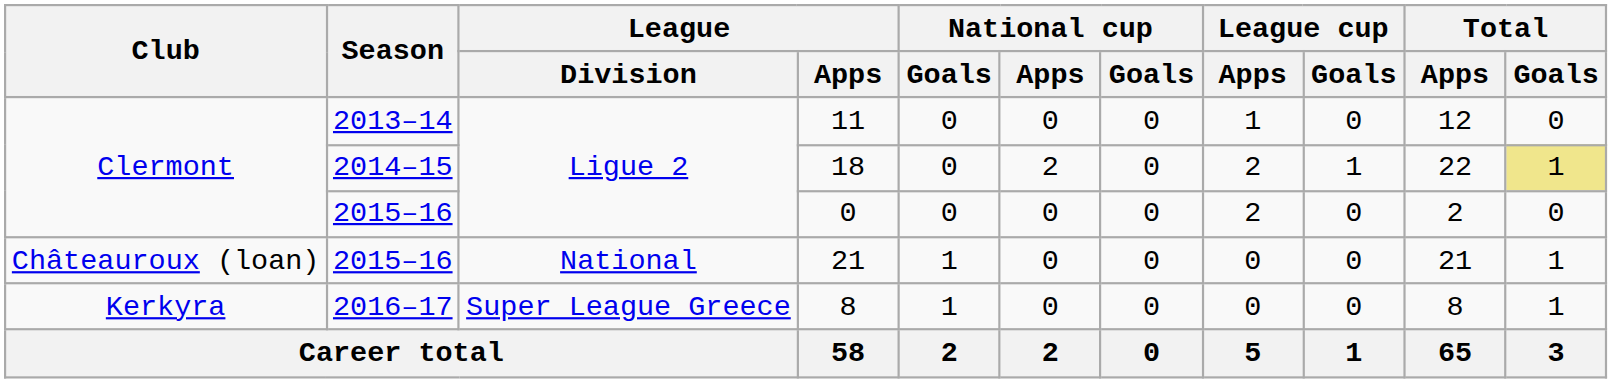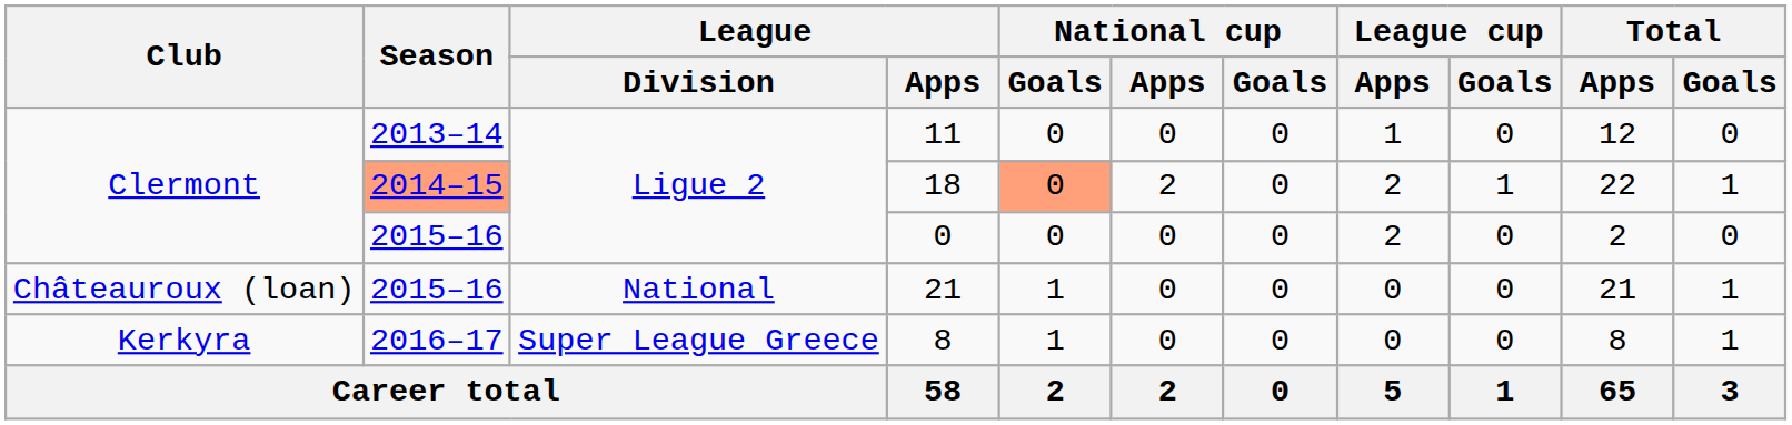 <table class="wikitable" style="text-align:center">
 <tr>
 <th rowspan="2">Club</th>
 <th rowspan="2">Season</th>
 <th colspan="2">League</th>
 <th colspan="3">National cup</th>
 <th colspan="2">League cup</th>
 <th colspan="2">Total</th>
 </tr>
 <tr>
 <th>Division</th>
 <th width="40">Apps</th>
 <th width="40">Goals</th>
 <th width="40">Apps</th>
 <th width="40">Goals</th>
 <th width="40">Apps</th>
 <th width="40">Goals</th>
 <th width="40">Apps</th>
 <th width="40">Goals</th>
 </tr>
 <tr>
 <td rowspan="3"><a href='#'>Clermont</a></td>
 <td><a href='#'>2013–14</a></td>
 <td rowspan="3"><a href='#'>Ligue 2</a></td>
 <td>11</td>
 <td>0</td>
 <td>0</td>
 <td>0</td>
 <td>1</td>
 <td>0</td>
 <td>12</td>
 <td>0</td>
 </tr>
 <tr>
-<td><a href='#'>2014–15</a></td>
+<td style="background: lightsalmon;"><a href='#'>2014–15</a></td>
 <td>18</td>
-<td>0</td>
+<td style="background: lightsalmon;">0</td>
 <td>2</td>
 <td>0</td>
 <td>2</td>
 <td>1</td>
 <td>22</td>
-<td style="background: khaki;">1</td>
+<td>1</td>
 </tr>
 <tr>
 <td><a href='#'>2015–16</a></td>
 <td>0</td>
 <td>0</td>
 <td>0</td>
 <td>0</td>
 <td>2</td>
 <td>0</td>
 <td>2</td>
 <td>0</td>
 </tr>
 <tr>
 <td><a href='#'>Châteauroux</a> (loan)</td>
 <td><a href='#'>2015–16</a></td>
 <td><a href='#'>National</a></td>
 <td>21</td>
 <td>1</td>
 <td>0</td>
 <td>0</td>
 <td>0</td>
 <td>0</td>
 <td>21</td>
 <td>1</td>
 </tr>
 <tr>
 <td><a href='#'>Kerkyra</a></td>
 <td><a href='#'>2016–17</a></td>
 <td><a href='#'>Super League Greece</a></td>
 <td>8</td>
 <td>1</td>
 <td>0</td>
 <td>0</td>
 <td>0</td>
 <td>0</td>
 <td>8</td>
 <td>1</td>
 </tr>
 <tr>
 <th colspan="3">Career total</th>
 <th>58</th>
 <th>2</th>
 <th>2</th>
 <th>0</th>
 <th>5</th>
 <th>1</th>
 <th>65</th>
 <th>3</th>
 </tr>
 </table>
